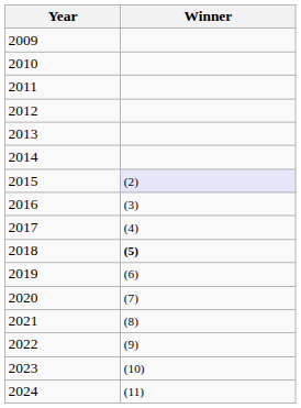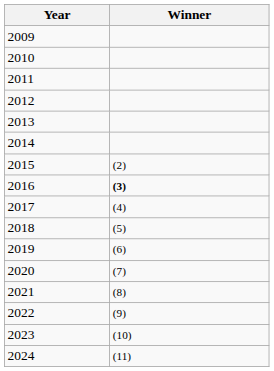 <table class="wikitable sortable" width="25%">
 <tr bgcolor="#efefef">
 <th>Year</th>
 <th>Winner</th>
 </tr>
 <tr>
 <td>2009</td>
 <td></td>
 </tr>
 <tr>
 <td>2010</td>
 <td></td>
 </tr>
 <tr>
 <td>2011</td>
 <td></td>
 </tr>
 <tr>
 <td>2012</td>
 <td></td>
 </tr>
 <tr>
 <td>2013</td>
 <td></td>
 </tr>
 <tr>
 <td>2014</td>
 <td></td>
 </tr>
 <tr>
 <td>2015</td>
-<td style="background: lavender;"> <small>(2)</small></td>
+<td> <small>(2)</small></td>
 </tr>
 <tr>
 <td>2016</td>
-<td> <small>(3)</small></td>
+<td><strong> <small>(3)</small></strong></td>
 </tr>
 <tr>
 <td>2017</td>
 <td> <small>(4)</small></td>
 </tr>
 <tr>
 <td>2018</td>
-<td><strong> <small>(5)</small></strong></td>
+<td> <small>(5)</small></td>
 </tr>
 <tr>
 <td>2019</td>
 <td> <small>(6)</small></td>
 </tr>
 <tr>
 <td>2020</td>
 <td> <small>(7)</small></td>
 </tr>
 <tr>
 <td>2021</td>
 <td> <small>(8)</small></td>
 </tr>
 <tr>
 <td>2022</td>
 <td> <small>(9)</small></td>
 </tr>
 <tr>
 <td>2023</td>
 <td> <small>(10)</small></td>
 </tr>
 <tr>
 <td>2024</td>
 <td> <small>(11)</small></td>
 </tr>
 </table>
